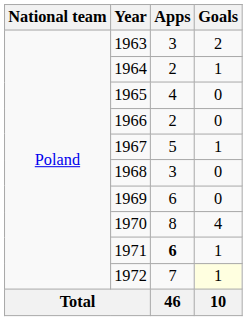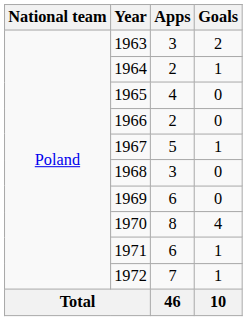 <table class="wikitable" style="text-align:center">
 <tr>
 <th>National team</th>
 <th>Year</th>
 <th>Apps</th>
 <th>Goals</th>
 </tr>
 <tr>
 <td rowspan="10"><a href='#'>Poland</a></td>
 <td>1963</td>
 <td>3</td>
 <td>2</td>
 </tr>
 <tr>
 <td>1964</td>
 <td>2</td>
 <td>1</td>
 </tr>
 <tr>
 <td>1965</td>
 <td>4</td>
 <td>0</td>
 </tr>
 <tr>
 <td>1966</td>
 <td>2</td>
 <td>0</td>
 </tr>
 <tr>
 <td>1967</td>
 <td>5</td>
 <td>1</td>
 </tr>
 <tr>
 <td>1968</td>
 <td>3</td>
 <td>0</td>
 </tr>
 <tr>
 <td>1969</td>
 <td>6</td>
 <td>0</td>
 </tr>
 <tr>
 <td>1970</td>
 <td>8</td>
 <td>4</td>
 </tr>
 <tr>
 <td>1971</td>
-<td><strong>6</strong></td>
+<td>6</td>
 <td>1</td>
 </tr>
 <tr>
 <td>1972</td>
 <td>7</td>
-<td style="background: lightyellow;">1</td>
+<td>1</td>
 </tr>
 <tr>
 <th colspan="2">Total</th>
 <th>46</th>
 <th>10</th>
 </tr>
 </table>
